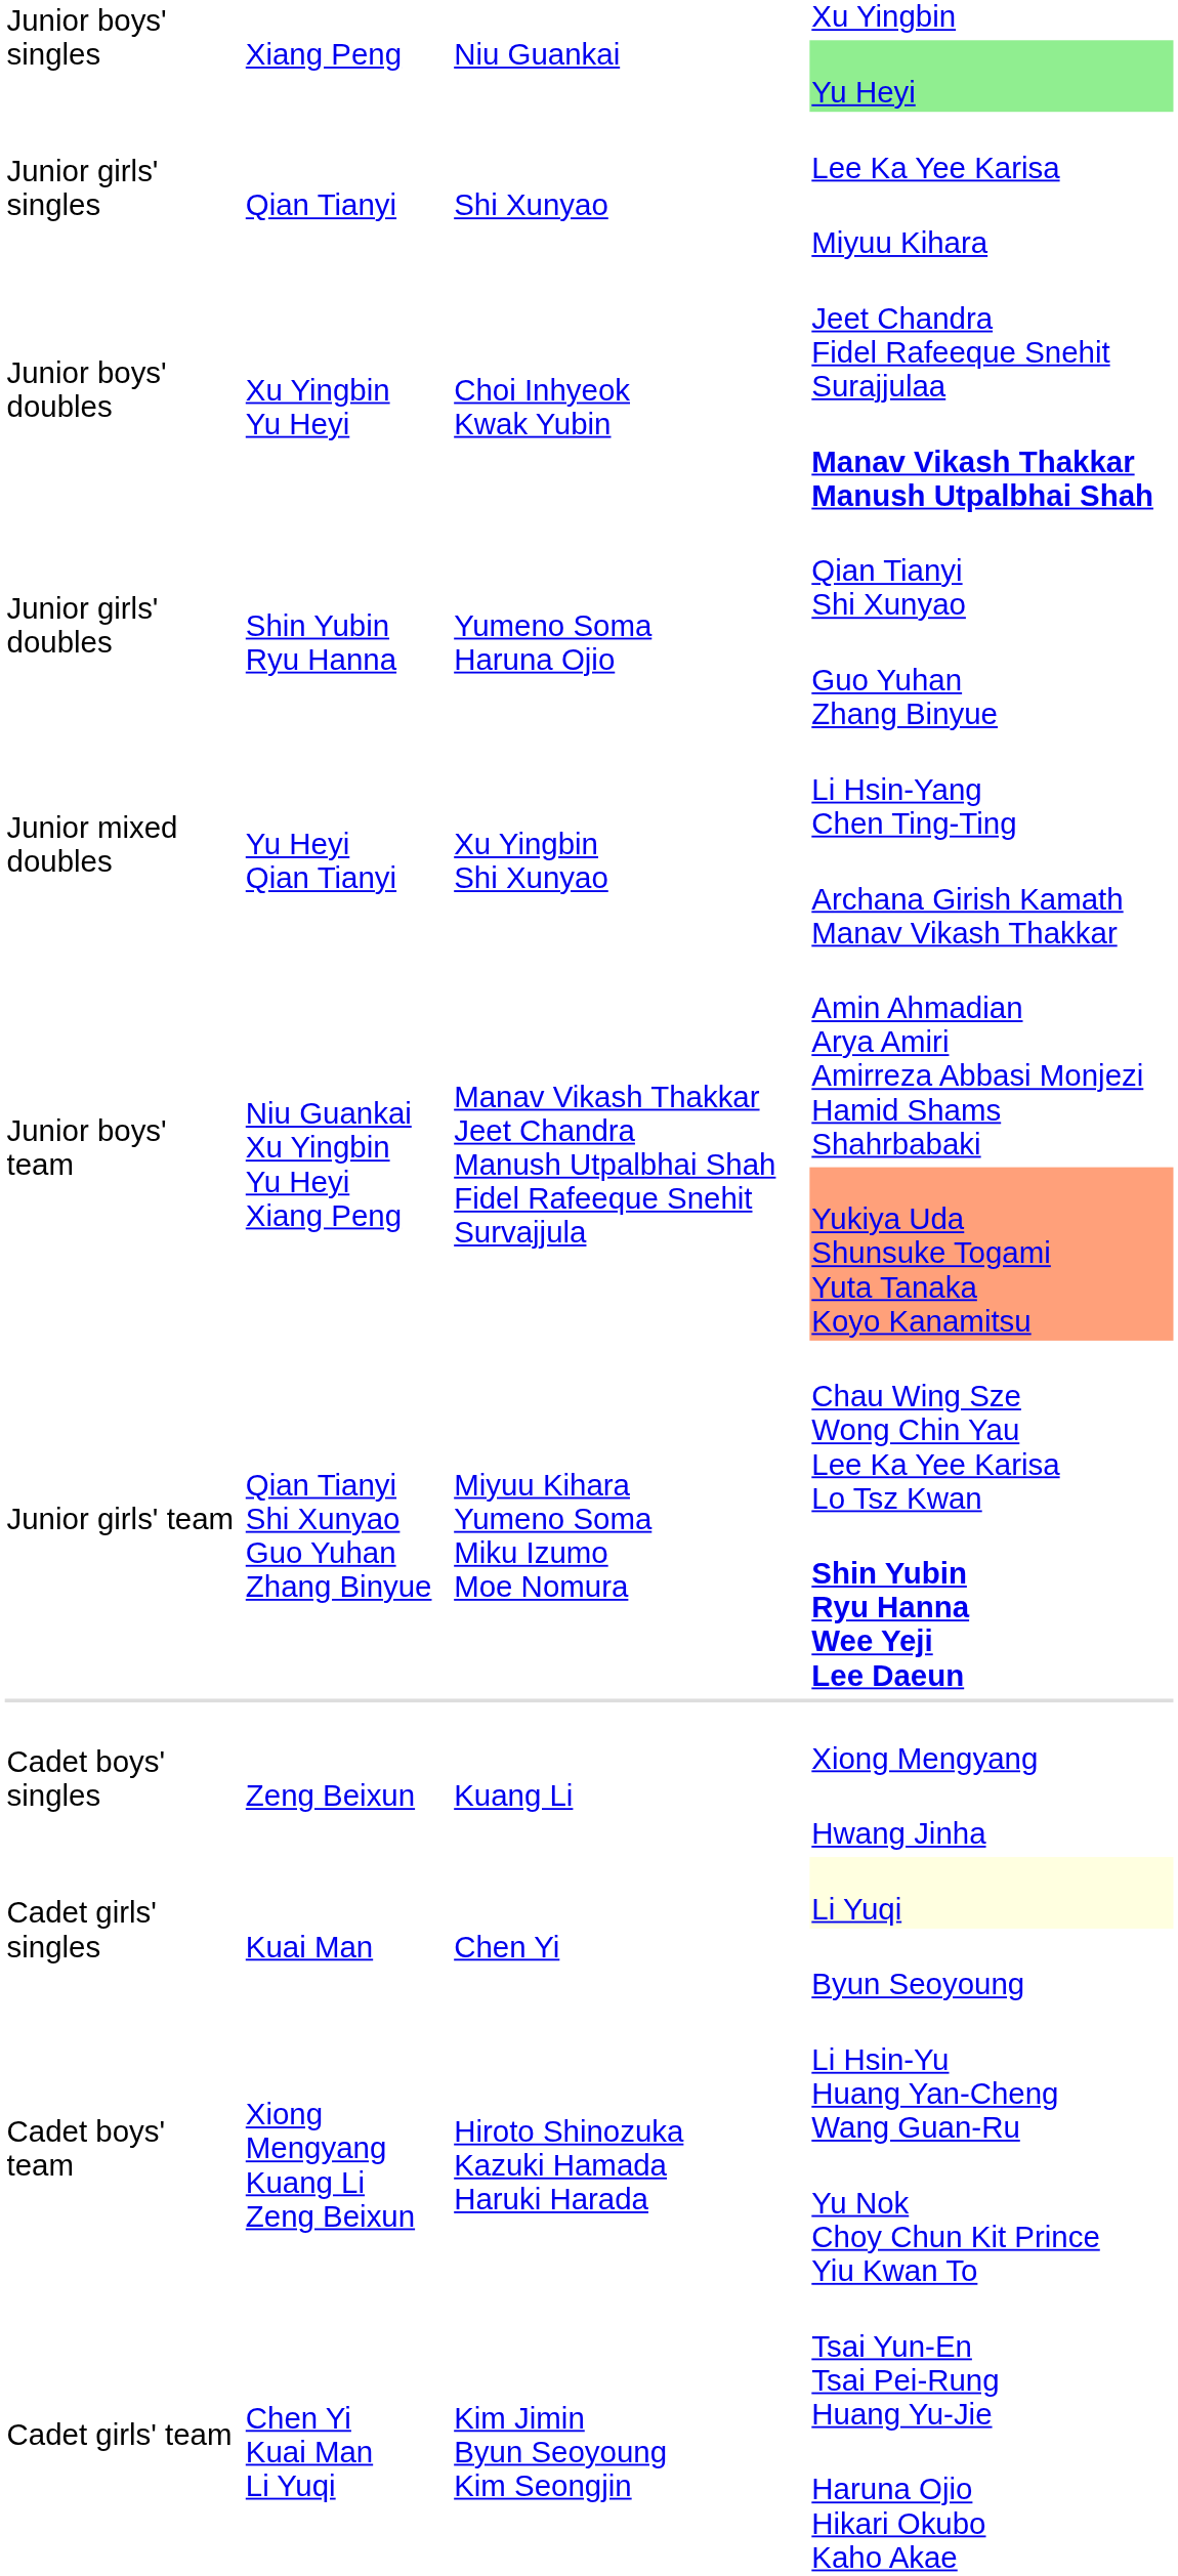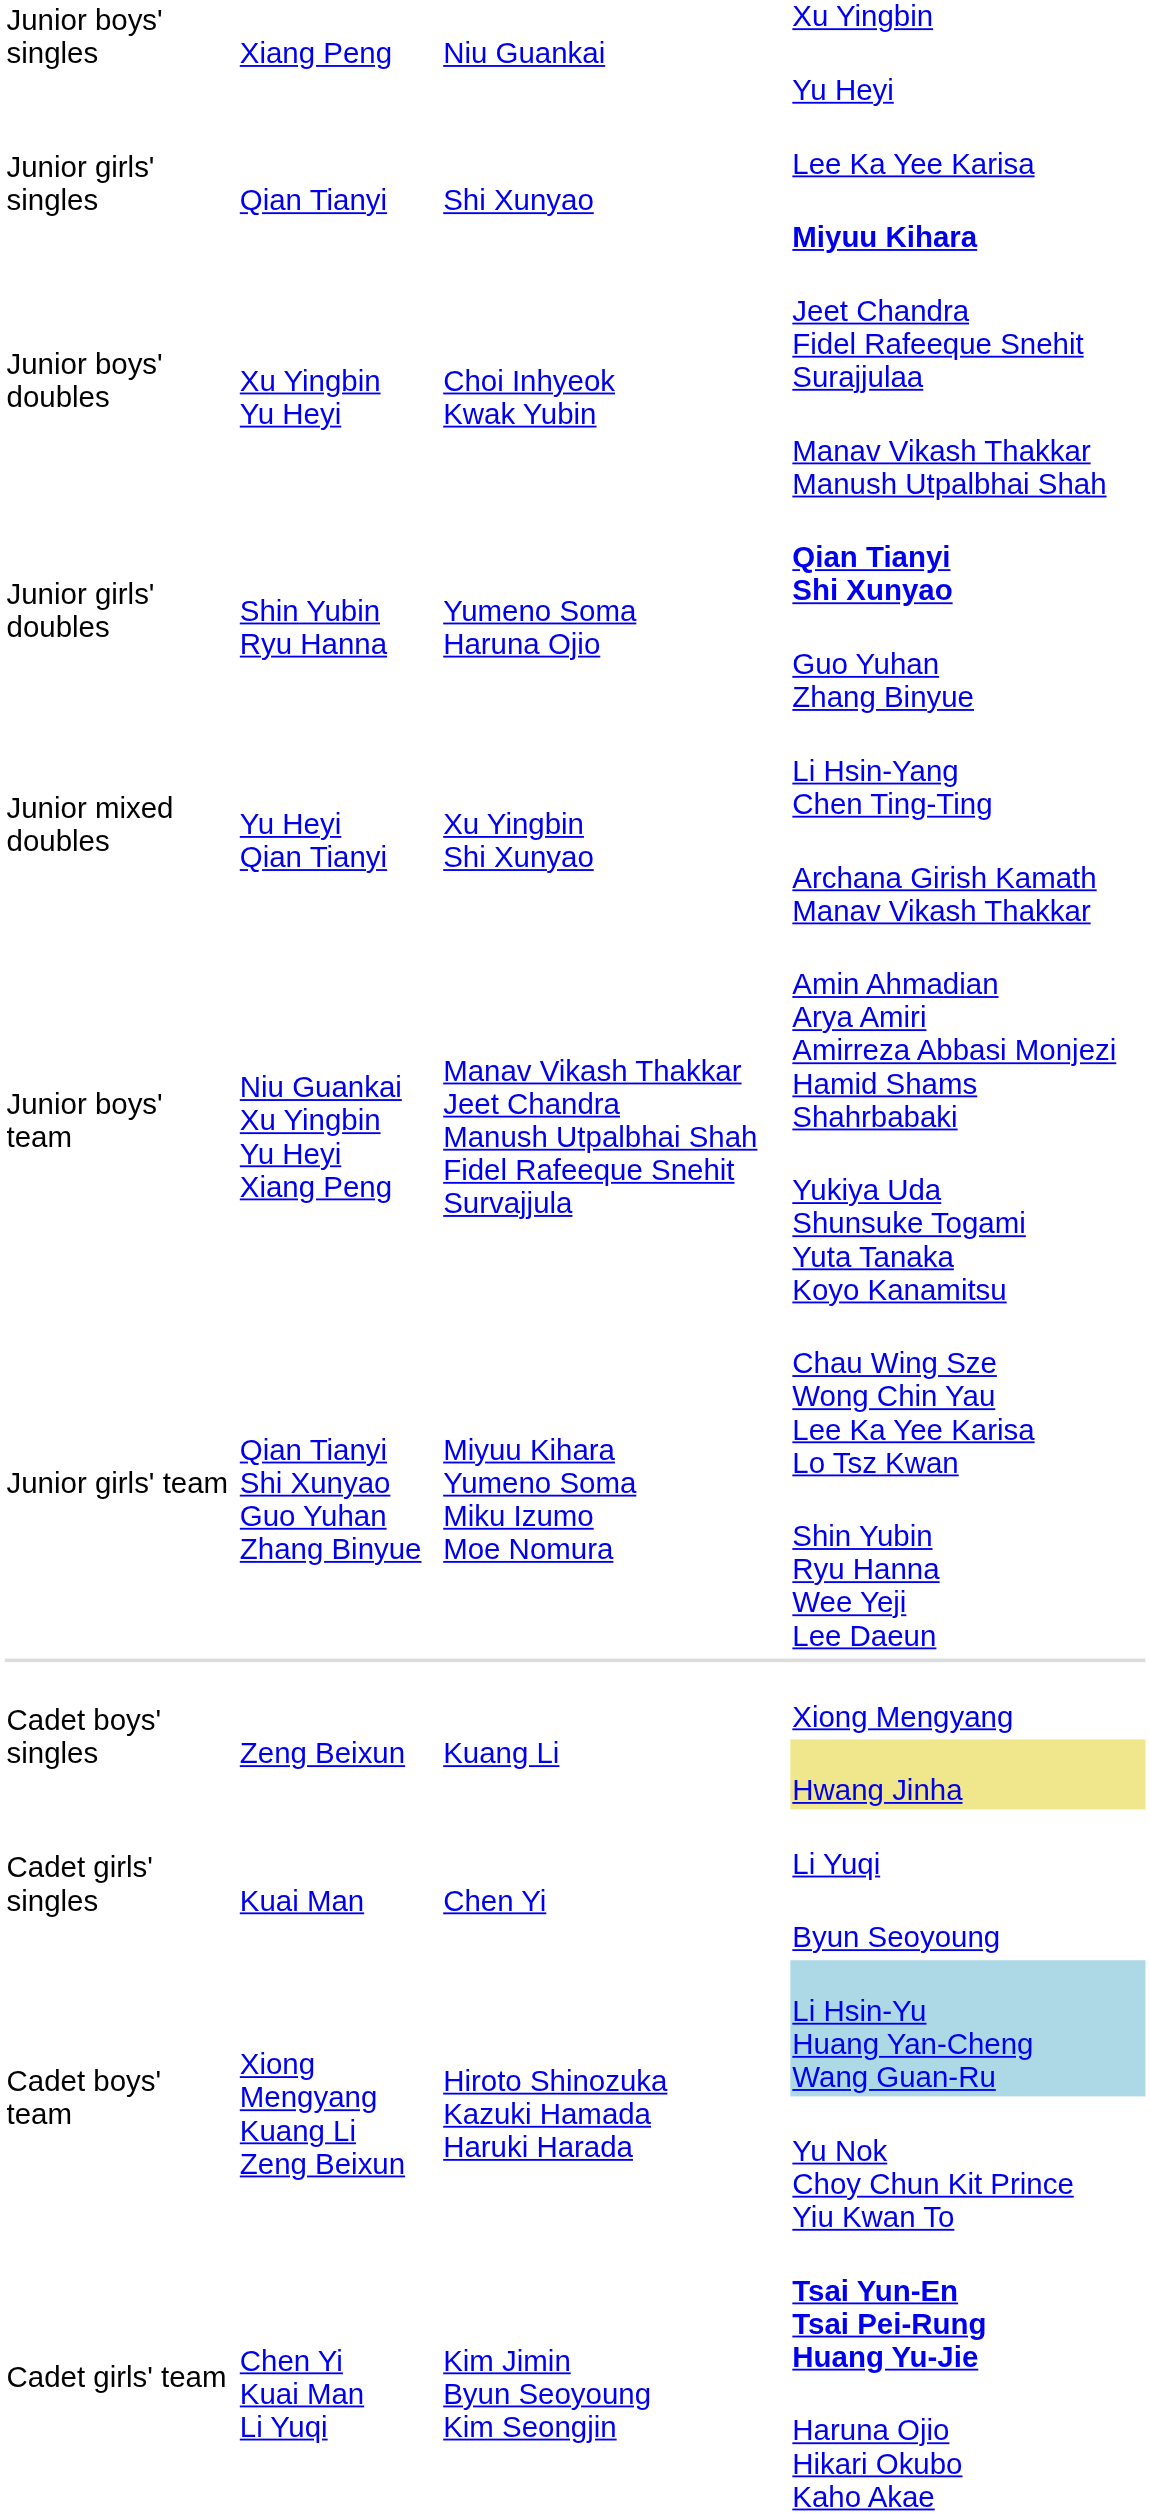 <table>
 <tr>
 <td rowspan=2>Junior boys' singles</td>
 <td rowspan=2><br><a href='#'>Xiang Peng</a></td>
 <td rowspan=2><br><a href='#'>Niu Guankai</a></td>
 <td><br><a href='#'>Xu Yingbin</a></td>
 </tr>
 <tr>
-<td style="background: lightgreen;"><br><a href='#'>Yu Heyi</a></td>
+<td><br><a href='#'>Yu Heyi</a></td>
 </tr>
 <tr>
 <td rowspan=2>Junior girls' singles</td>
 <td rowspan=2><br><a href='#'>Qian Tianyi</a></td>
 <td rowspan=2><br><a href='#'>Shi Xunyao</a></td>
 <td><br><a href='#'>Lee Ka Yee Karisa</a></td>
 </tr>
 <tr>
-<td><br><a href='#'>Miyuu Kihara</a></td>
+<td><strong><br><a href='#'>Miyuu Kihara</a></strong></td>
 </tr>
 <tr>
 <td rowspan=2>Junior boys' doubles</td>
 <td rowspan=2><br><a href='#'>Xu Yingbin</a><br><a href='#'>Yu Heyi</a></td>
 <td rowspan=2><br><a href='#'>Choi Inhyeok</a><br><a href='#'>Kwak Yubin</a></td>
 <td><br><a href='#'>Jeet Chandra</a><br><a href='#'>Fidel Rafeeque Snehit Surajjulaa</a></td>
 </tr>
 <tr>
-<td><strong><br><a href='#'>Manav Vikash Thakkar</a><br><a href='#'>Manush Utpalbhai Shah</a></strong></td>
+<td><br><a href='#'>Manav Vikash Thakkar</a><br><a href='#'>Manush Utpalbhai Shah</a></td>
 </tr>
 <tr>
 <td rowspan=2>Junior girls' doubles</td>
 <td rowspan=2><br><a href='#'>Shin Yubin</a><br><a href='#'>Ryu Hanna</a></td>
 <td rowspan=2><br><a href='#'>Yumeno Soma</a><br><a href='#'>Haruna Ojio</a></td>
-<td><br><a href='#'>Qian Tianyi</a><br><a href='#'>Shi Xunyao</a></td>
+<td><strong><br><a href='#'>Qian Tianyi</a><br><a href='#'>Shi Xunyao</a></strong></td>
 </tr>
 <tr>
 <td><br><a href='#'>Guo Yuhan</a><br><a href='#'>Zhang Binyue</a></td>
 </tr>
 <tr>
 <td rowspan=2>Junior mixed doubles</td>
 <td rowspan=2><br><a href='#'>Yu Heyi</a><br><a href='#'>Qian Tianyi</a></td>
 <td rowspan=2><br><a href='#'>Xu Yingbin</a><br><a href='#'>Shi Xunyao</a></td>
 <td><br><a href='#'>Li Hsin-Yang</a><br><a href='#'>Chen Ting-Ting</a></td>
 </tr>
 <tr>
 <td><br><a href='#'>Archana Girish Kamath</a><br><a href='#'>Manav Vikash Thakkar</a></td>
 </tr>
 <tr>
 <td rowspan=2>Junior boys' team</td>
 <td rowspan=2><br><a href='#'>Niu Guankai</a><br><a href='#'>Xu Yingbin</a><br><a href='#'>Yu Heyi</a><br><a href='#'>Xiang Peng</a></td>
 <td rowspan=2><br><a href='#'>Manav Vikash Thakkar</a><br><a href='#'>Jeet Chandra</a><br><a href='#'>Manush Utpalbhai Shah</a><br><a href='#'>Fidel Rafeeque Snehit Survajjula</a></td>
 <td><br><a href='#'>Amin Ahmadian</a><br><a href='#'>Arya Amiri</a><br><a href='#'>Amirreza Abbasi Monjezi</a><br><a href='#'>Hamid Shams Shahrbabaki</a></td>
 </tr>
 <tr>
-<td style="background: lightsalmon;"><br><a href='#'>Yukiya Uda</a><br><a href='#'>Shunsuke Togami</a><br><a href='#'>Yuta Tanaka</a><br><a href='#'>Koyo Kanamitsu</a></td>
+<td><br><a href='#'>Yukiya Uda</a><br><a href='#'>Shunsuke Togami</a><br><a href='#'>Yuta Tanaka</a><br><a href='#'>Koyo Kanamitsu</a></td>
 </tr>
 <tr>
 <td rowspan=2>Junior girls' team</td>
 <td rowspan=2><br><a href='#'>Qian Tianyi</a><br><a href='#'>Shi Xunyao</a><br><a href='#'>Guo Yuhan</a><br><a href='#'>Zhang Binyue</a></td>
 <td rowspan=2><br><a href='#'>Miyuu Kihara</a><br><a href='#'>Yumeno Soma</a><br><a href='#'>Miku Izumo</a><br><a href='#'>Moe Nomura</a></td>
 <td><br><a href='#'>Chau Wing Sze</a><br><a href='#'>Wong Chin Yau</a><br><a href='#'>Lee Ka Yee Karisa</a><br><a href='#'>Lo Tsz Kwan</a></td>
 </tr>
 <tr>
-<td><strong><br><a href='#'>Shin Yubin</a><br><a href='#'>Ryu Hanna</a><br><a href='#'>Wee Yeji</a><br><a href='#'>Lee Daeun</a></strong></td>
+<td><br><a href='#'>Shin Yubin</a><br><a href='#'>Ryu Hanna</a><br><a href='#'>Wee Yeji</a><br><a href='#'>Lee Daeun</a></td>
 </tr>
 <tr style="background:#dddddd;">
 <td colspan=7></td>
 </tr>
 <tr>
 <td rowspan=2>Cadet boys' singles</td>
 <td rowspan=2><br><a href='#'>Zeng Beixun</a></td>
 <td rowspan=2><br><a href='#'>Kuang Li</a></td>
 <td><br><a href='#'>Xiong Mengyang</a></td>
 </tr>
 <tr>
-<td><br><a href='#'>Hwang Jinha</a></td>
+<td style="background: khaki;"><br><a href='#'>Hwang Jinha</a></td>
 </tr>
 <tr>
 <td rowspan=2>Cadet girls' singles</td>
 <td rowspan=2><br><a href='#'>Kuai Man</a></td>
 <td rowspan=2><br><a href='#'>Chen Yi</a></td>
-<td style="background: lightyellow;"><br><a href='#'>Li Yuqi</a></td>
+<td><br><a href='#'>Li Yuqi</a></td>
 </tr>
 <tr>
 <td><br><a href='#'>Byun Seoyoung</a></td>
 </tr>
 <tr>
 <td rowspan=2>Cadet boys' team</td>
 <td rowspan=2><br><a href='#'>Xiong Mengyang</a><br><a href='#'>Kuang Li</a><br><a href='#'>Zeng Beixun</a></td>
 <td rowspan=2><br><a href='#'>Hiroto Shinozuka</a><br><a href='#'>Kazuki Hamada</a><br><a href='#'>Haruki Harada</a></td>
-<td><br><a href='#'>Li Hsin-Yu</a><br><a href='#'>Huang Yan-Cheng</a><br><a href='#'>Wang Guan-Ru</a></td>
+<td style="background: lightblue;"><br><a href='#'>Li Hsin-Yu</a><br><a href='#'>Huang Yan-Cheng</a><br><a href='#'>Wang Guan-Ru</a></td>
 </tr>
 <tr>
 <td><br><a href='#'>Yu Nok</a><br><a href='#'>Choy Chun Kit Prince</a><br><a href='#'>Yiu Kwan To</a></td>
 </tr>
 <tr>
 <td rowspan=2>Cadet girls' team</td>
 <td rowspan=2><br><a href='#'>Chen Yi</a><br><a href='#'>Kuai Man</a><br><a href='#'>Li Yuqi</a></td>
 <td rowspan=2><br><a href='#'>Kim Jimin</a><br><a href='#'>Byun Seoyoung</a><br><a href='#'>Kim Seongjin</a></td>
-<td><br><a href='#'>Tsai Yun-En </a><br><a href='#'>Tsai Pei-Rung</a><br><a href='#'>Huang Yu-Jie</a></td>
+<td><strong><br><a href='#'>Tsai Yun-En </a><br><a href='#'>Tsai Pei-Rung</a><br><a href='#'>Huang Yu-Jie</a></strong></td>
 </tr>
 <tr>
 <td><br><a href='#'>Haruna Ojio</a><br><a href='#'>Hikari Okubo</a><br><a href='#'>Kaho Akae</a></td>
 </tr>
 </table>
